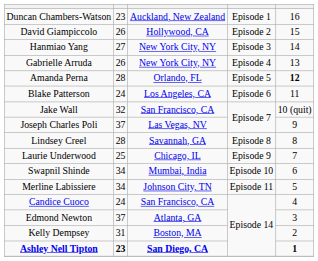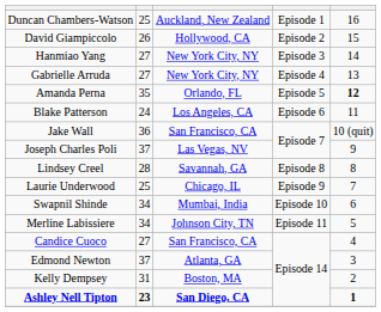 <table class="wikitable sortable" style="text-align:center;">
 <tr>
 <th></th>
 <th></th>
 <th></th>
 <th></th>
 <th></th>
 </tr>
 <tr>
 <td>Duncan Chambers-Watson</td>
-<td>23</td>
+<td>25</td>
 <td><a href='#'>Auckland, New Zealand</a></td>
 <td>Episode 1</td>
 <td>16</td>
 </tr>
 <tr>
 <td>David Giampiccolo</td>
 <td>26</td>
 <td><a href='#'>Hollywood, CA</a></td>
 <td>Episode 2</td>
 <td>15</td>
 </tr>
 <tr>
 <td>Hanmiao Yang</td>
 <td>27</td>
 <td><a href='#'>New York City, NY</a></td>
 <td>Episode 3</td>
 <td>14</td>
 </tr>
 <tr>
 <td>Gabrielle Arruda</td>
-<td>26</td>
+<td>27</td>
 <td><a href='#'>New York City, NY</a></td>
 <td>Episode 4</td>
 <td>13</td>
 </tr>
 <tr>
 <td>Amanda Perna</td>
-<td>28</td>
+<td>35</td>
 <td><a href='#'>Orlando, FL</a></td>
 <td>Episode 5</td>
 <td><strong>12</strong></td>
 </tr>
 <tr>
 <td>Blake Patterson</td>
 <td>24</td>
 <td><a href='#'>Los Angeles, CA</a></td>
 <td>Episode 6</td>
 <td>11</td>
 </tr>
 <tr>
 <td>Jake Wall</td>
-<td>32</td>
+<td>36</td>
 <td><a href='#'>San Francisco, CA</a></td>
 <td rowspan="2">Episode 7</td>
 <td>10 (quit)</td>
 </tr>
 <tr>
 <td>Joseph Charles Poli</td>
 <td>37</td>
 <td><a href='#'>Las Vegas, NV</a></td>
 <td>9</td>
 </tr>
 <tr>
 <td>Lindsey Creel</td>
 <td>28</td>
 <td><a href='#'>Savannah, GA</a></td>
 <td>Episode 8</td>
 <td>8</td>
 </tr>
 <tr>
 <td>Laurie Underwood</td>
 <td>25</td>
 <td><a href='#'>Chicago, IL</a></td>
 <td>Episode 9</td>
 <td>7</td>
 </tr>
 <tr>
 <td>Swapnil Shinde</td>
 <td>34</td>
 <td><a href='#'>Mumbai, India</a></td>
 <td>Episode 10</td>
 <td>6</td>
 </tr>
 <tr>
 <td>Merline Labissiere</td>
 <td>34</td>
 <td><a href='#'>Johnson City, TN</a></td>
 <td>Episode 11</td>
 <td>5</td>
 </tr>
 <tr>
 <td><a href='#'>Candice Cuoco</a></td>
-<td>24</td>
+<td>27</td>
 <td><a href='#'>San Francisco, CA</a></td>
 <td rowspan="4">Episode 14</td>
 <td>4</td>
 </tr>
 <tr>
 <td>Edmond Newton</td>
 <td>37</td>
 <td><a href='#'>Atlanta, GA</a></td>
 <td>3</td>
 </tr>
 <tr>
 <td>Kelly Dempsey</td>
 <td>31</td>
 <td><a href='#'>Boston, MA</a></td>
 <td>2</td>
 </tr>
 <tr>
 <td><strong><a href='#'>Ashley Nell Tipton</a></strong></td>
 <td><strong>23</strong></td>
 <td><strong><a href='#'>San Diego, CA</a></strong></td>
 <td><strong>1</strong></td>
 </tr>
 <tr>
 </tr>
 </table>
